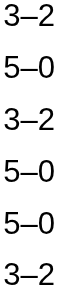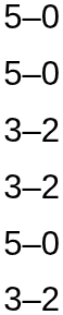 <table style="font-size:90%">
 <tr>
 <th width="150"></th>
 <th width="100"></th>
 <th width="150"></th>
+</tr>
+<tr>
+<td align="right"><strong></strong></td>
+<td align="center">5–0</td>
+<td></td>
+</tr>
+<tr>
+<td></td>
+<td></td>
+<td></td>
+</tr>
+<tr>
+<td align="right"><strong></strong></td>
+<td align="center">5–0</td>
+<td></td>
+</tr>
+<tr>
+<td></td>
+<td></td>
+<td></td>
+</tr>
+<tr>
+<td align="right"><strong></strong></td>
+<td align="center">3–2</td>
+<td></td>
+</tr>
+<tr>
+<td></td>
+<td></td>
+<td></td>
 </tr>
 <tr>
 <td align="right"><strong></strong></td>
 <td align="center">3–2</td>
 <td></td>
 </tr>
 <tr>
 <td></td>
 <td></td>
 <td></td>
 </tr>
 <tr>
 <td align="right"><strong></strong></td>
 <td align="center">5–0</td>
 <td></td>
 </tr>
 <tr>
 <td></td>
 <td></td>
 <td></td>
 </tr>
 <tr>
 <td align="right"><strong></strong></td>
 <td align="center">3–2</td>
 <td></td>
 </tr>
 <tr>
 <td></td>
 <td></td>
 <td></td>
 </tr>
 <tr>
-<td align="right"><strong></strong></td>
-<td align="center">5–0</td>
-<td></td>
-</tr>
-<tr>
-<td></td>
-<td></td>
-<td></td>
-</tr>
-<tr>
-<td align="right"><strong></strong></td>
-<td align="center">5–0</td>
-<td></td>
-</tr>
-<tr>
-<td></td>
-<td></td>
-<td></td>
-</tr>
-<tr>
-<td align="right"><strong></strong></td>
-<td align="center">3–2</td>
-<td></td>
-</tr>
-<tr>
-<td></td>
-<td></td>
-<td></td>
-</tr>
-<tr>
 </tr>
 </table>
